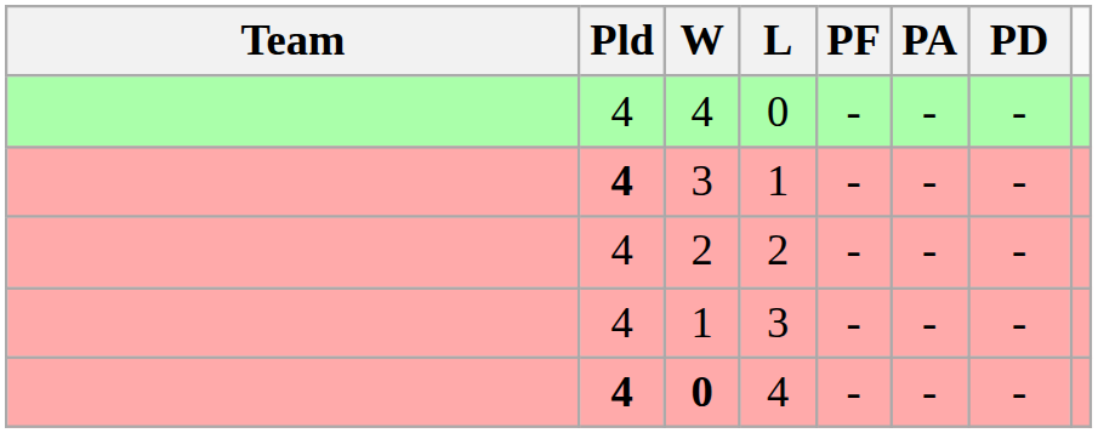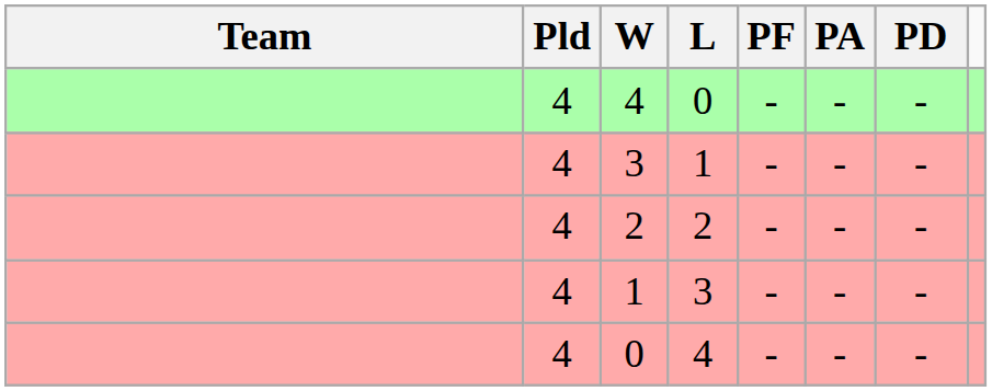 <table class=wikitable style="text-align:center">
 <tr>
 <th width=200>Team</th>
 <th width=20>Pld</th>
 <th width=20>W</th>
 <th width=20>L</th>
 <th width=20>PF</th>
 <th width=20>PA</th>
 <th width=30>PD</th>
 </tr>
 <tr bgcolor=#aaffaa>
 <td align=left></td>
 <td>4</td>
 <td>4</td>
 <td>0</td>
 <td>-</td>
 <td>-</td>
 <td>-</td>
 <td></td>
 </tr>
 <tr bgcolor=#ffaaaa>
 <td align=left></td>
-<td><strong>4</strong></td>
+<td>4</td>
 <td>3</td>
 <td>1</td>
 <td>-</td>
 <td>-</td>
 <td>-</td>
 <td></td>
 </tr>
 <tr bgcolor=#ffaaaa>
 <td align=left></td>
 <td>4</td>
 <td>2</td>
 <td>2</td>
 <td>-</td>
 <td>-</td>
 <td>-</td>
 <td></td>
 </tr>
 <tr bgcolor=#ffaaaa>
 <td align=left></td>
 <td>4</td>
 <td>1</td>
 <td>3</td>
 <td>-</td>
 <td>-</td>
 <td>-</td>
 <td></td>
 </tr>
 <tr bgcolor=#ffaaaa>
 <td align=left></td>
-<td><strong>4</strong></td>
-<td><strong>0</strong></td>
+<td>4</td>
+<td>0</td>
 <td>4</td>
 <td>-</td>
 <td>-</td>
 <td>-</td>
 <td></td>
 </tr>
 </table>
